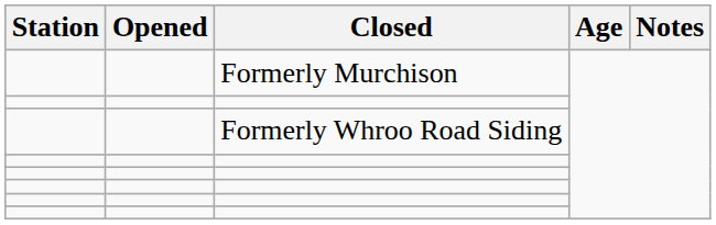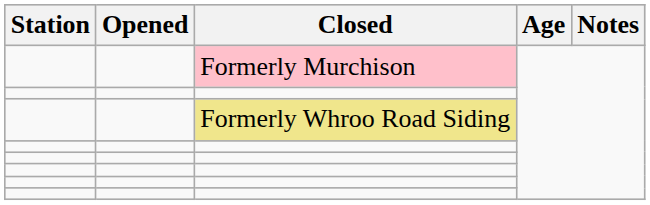 <table class="wikitable sortable mw-collapsible">
 <tr>
 <th>Station</th>
 <th>Opened</th>
 <th>Closed</th>
 <th>Age</th>
 <th scope=col class=unsortable>Notes</th>
 </tr>
 <tr>
 <td></td>
 <td></td>
-<td>Formerly Murchison</td>
+<td style="background: pink;">Formerly Murchison</td>
 </tr>
 <tr>
 <td></td>
 <td></td>
 <td></td>
 </tr>
 <tr>
 <td></td>
 <td></td>
-<td>Formerly Whroo Road Siding</td>
+<td style="background: khaki;">Formerly Whroo Road Siding</td>
 </tr>
 <tr>
 <td></td>
 <td></td>
 <td></td>
 </tr>
 <tr>
 <td></td>
 <td></td>
 <td></td>
 </tr>
 <tr>
 <td></td>
 <td></td>
 <td></td>
 </tr>
 <tr>
 <td></td>
 <td></td>
 <td></td>
 </tr>
 <tr>
 <td></td>
 <td></td>
 <td></td>
 </tr>
 </table>
